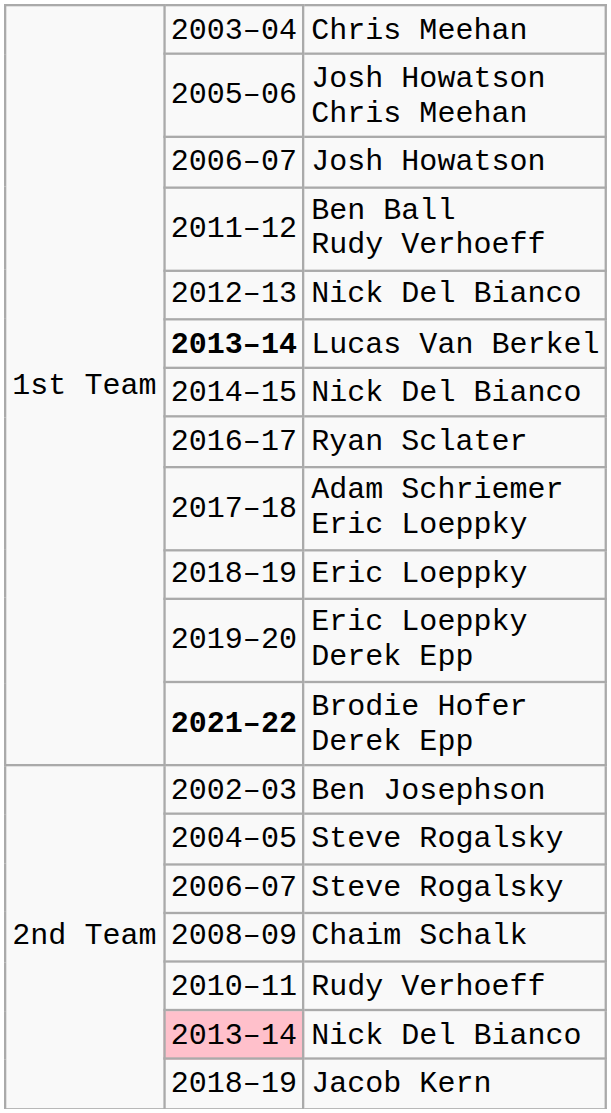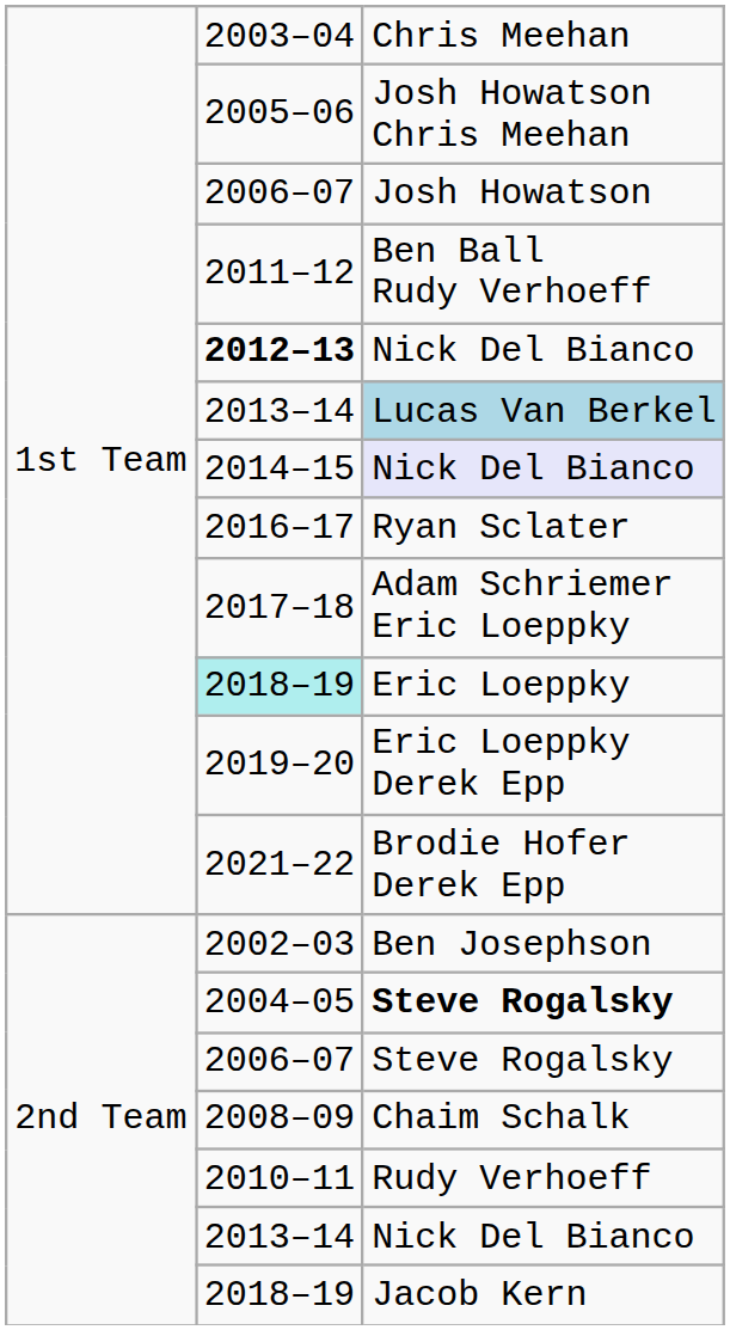 <table class="wikitable">
 <tr>
 <td rowspan="12">1st Team</td>
 <td>2003–04</td>
 <td>Chris Meehan</td>
 </tr>
 <tr>
 <td>2005–06</td>
 <td>Josh Howatson<br>Chris Meehan</td>
 </tr>
 <tr>
 <td>2006–07</td>
 <td>Josh Howatson</td>
 </tr>
 <tr>
 <td>2011–12</td>
 <td>Ben Ball<br>Rudy Verhoeff</td>
 </tr>
 <tr>
-<td>2012–13</td>
+<td><strong>2012–13</strong></td>
 <td>Nick Del Bianco</td>
 </tr>
 <tr>
-<td><strong>2013–14</strong></td>
-<td>Lucas Van Berkel</td>
+<td>2013–14</td>
+<td style="background: lightblue;">Lucas Van Berkel</td>
 </tr>
 <tr>
 <td>2014–15</td>
-<td>Nick Del Bianco</td>
+<td style="background: lavender;">Nick Del Bianco</td>
 </tr>
 <tr>
 <td>2016–17</td>
 <td>Ryan Sclater</td>
 </tr>
 <tr>
 <td>2017–18</td>
 <td>Adam Schriemer<br>Eric Loeppky</td>
 </tr>
 <tr>
-<td>2018–19</td>
+<td style="background: paleturquoise;">2018–19</td>
 <td>Eric Loeppky</td>
 </tr>
 <tr>
 <td>2019–20</td>
 <td>Eric Loeppky<br>Derek Epp</td>
 </tr>
 <tr>
-<td><strong>2021–22</strong></td>
+<td>2021–22</td>
 <td>Brodie Hofer<br>Derek Epp</td>
 </tr>
 <tr>
 <td rowspan="7">2nd Team</td>
 <td>2002–03</td>
 <td>Ben Josephson</td>
 </tr>
 <tr>
 <td>2004–05</td>
-<td>Steve Rogalsky</td>
+<td><strong>Steve Rogalsky</strong></td>
 </tr>
 <tr>
 <td>2006–07</td>
 <td>Steve Rogalsky</td>
 </tr>
 <tr>
 <td>2008–09</td>
 <td>Chaim Schalk</td>
 </tr>
 <tr>
 <td>2010–11</td>
 <td>Rudy Verhoeff</td>
 </tr>
 <tr>
-<td style="background: pink;">2013–14</td>
+<td>2013–14</td>
 <td>Nick Del Bianco</td>
 </tr>
 <tr>
 <td>2018–19</td>
 <td>Jacob Kern</td>
 </tr>
 </table>
